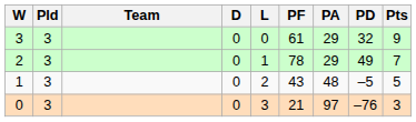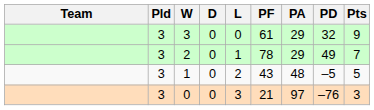 <table class="wikitable" style="text-align:center;">
 <tr>
+<th width=175>Team</th>
+<th width=25 abbr="Played">Pld</th>
 <th width=25 abbr="Won">W</th>
-<th width=25 abbr="Played">Pld</th>
-<th width=175>Team</th>
 <th width=25 abbr="Drawn">D</th>
 <th width=25 abbr="Lost">L</th>
 <th width=32 abbr="Points for">PF</th>
 <th width=32 abbr="Points against">PA</th>
 <th width=32 abbr="Points difference">PD</th>
 <th width=25 abbr="Points">Pts</th>
 </tr>
 <tr bgcolor="#ccffcc">
+<td align=left></td>
 <td>3</td>
 <td>3</td>
-<td align=left></td>
 <td>0</td>
 <td>0</td>
 <td>61</td>
 <td>29</td>
 <td>32</td>
 <td>9</td>
 </tr>
 <tr bgcolor="#ccffcc">
+<td align=left></td>
+<td>3</td>
 <td>2</td>
-<td>3</td>
-<td align=left></td>
 <td>0</td>
 <td>1</td>
 <td>78</td>
 <td>29</td>
 <td>49</td>
 <td>7</td>
 </tr>
 <tr>
+<td align=left></td>
+<td>3</td>
 <td>1</td>
-<td>3</td>
-<td align=left></td>
 <td>0</td>
 <td>2</td>
 <td>43</td>
 <td>48</td>
 <td>–5</td>
 <td>5</td>
 </tr>
 <tr bgcolor="#ffddbb">
+<td align=left></td>
+<td>3</td>
 <td>0</td>
-<td>3</td>
-<td align=left></td>
 <td>0</td>
 <td>3</td>
 <td>21</td>
 <td>97</td>
 <td>–76</td>
 <td>3</td>
 </tr>
 </table>
